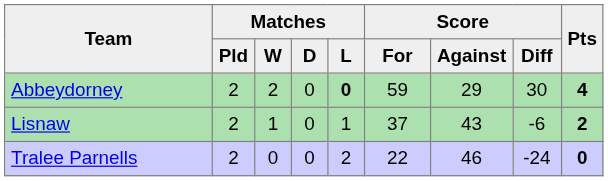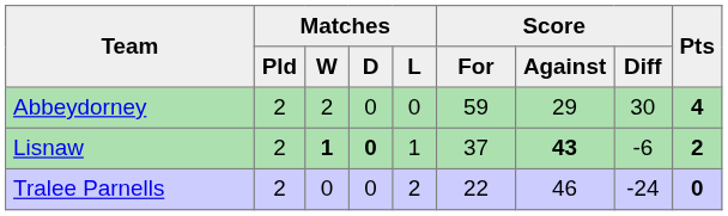 <table style=border-collapse:collapse border=1 cellspacing=0 cellpadding=5>
 <tr align=center bgcolor=#efefef>
 <th rowspan=2 width=165>Team</th>
 <th colspan=4>Matches</th>
 <th colspan=3>Score</th>
 <th rowspan=2width=20>Pts</th>
 </tr>
 <tr align=center bgcolor=#efefef>
 <th width=20>Pld</th>
 <th width=20>W</th>
 <th width=20>D</th>
 <th width=20>L</th>
 <th width=45>For</th>
 <th width=45>Against</th>
 <th width=30>Diff</th>
 </tr>
 <tr align=center style="background:#ACE1AF;">
 <td style="text-align:left;"><a href='#'>Abbeydorney</a></td>
 <td>2</td>
 <td>2</td>
 <td>0</td>
-<td><strong>0</strong></td>
+<td>0</td>
 <td>59</td>
 <td>29</td>
 <td>30</td>
 <td><strong>4</strong></td>
 </tr>
 <tr align=center style="background:#ACE1AF;">
 <td style="text-align:left;"><a href='#'>Lisnaw</a></td>
 <td>2</td>
-<td>1</td>
-<td>0</td>
+<td><strong>1</strong></td>
+<td><strong>0</strong></td>
 <td>1</td>
 <td>37</td>
-<td>43</td>
+<td><strong>43</strong></td>
 <td>-6</td>
 <td><strong>2</strong></td>
 </tr>
 <tr align=center style="background:#ccccff;">
 <td style="text-align:left;"><a href='#'>Tralee Parnells</a></td>
 <td>2</td>
 <td>0</td>
 <td>0</td>
 <td>2</td>
 <td>22</td>
 <td>46</td>
 <td>-24</td>
 <td><strong>0</strong></td>
 </tr>
 </table>
